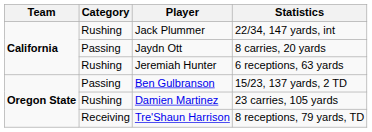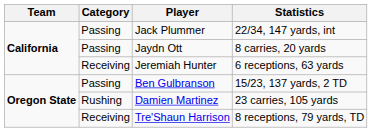 <table class="wikitable" style="float: right;">
 <tr>
 <th>Team</th>
 <th>Category</th>
 <th>Player</th>
 <th>Statistics</th>
 </tr>
 <tr>
 <td rowspan=3><strong>California</strong></td>
-<td>Rushing</td>
+<td>Passing</td>
 <td>Jack Plummer</td>
 <td>22/34, 147 yards, int</td>
 </tr>
 <tr>
 <td>Passing</td>
 <td>Jaydn Ott</td>
 <td>8 carries, 20 yards</td>
 </tr>
 <tr>
-<td>Rushing</td>
+<td>Receiving</td>
 <td>Jeremiah Hunter</td>
 <td>6 receptions, 63 yards</td>
 </tr>
 <tr>
 <td rowspan=3><strong>Oregon State</strong></td>
 <td>Passing</td>
 <td><a href='#'>Ben Gulbranson</a></td>
 <td>15/23, 137 yards, 2 TD</td>
 </tr>
 <tr>
 <td>Rushing</td>
 <td><a href='#'>Damien Martinez</a></td>
 <td>23 carries, 105 yards</td>
 </tr>
 <tr>
 <td>Receiving</td>
 <td><a href='#'>Tre'Shaun Harrison</a></td>
 <td>8 receptions, 79 yards, TD</td>
 </tr>
 </table>
